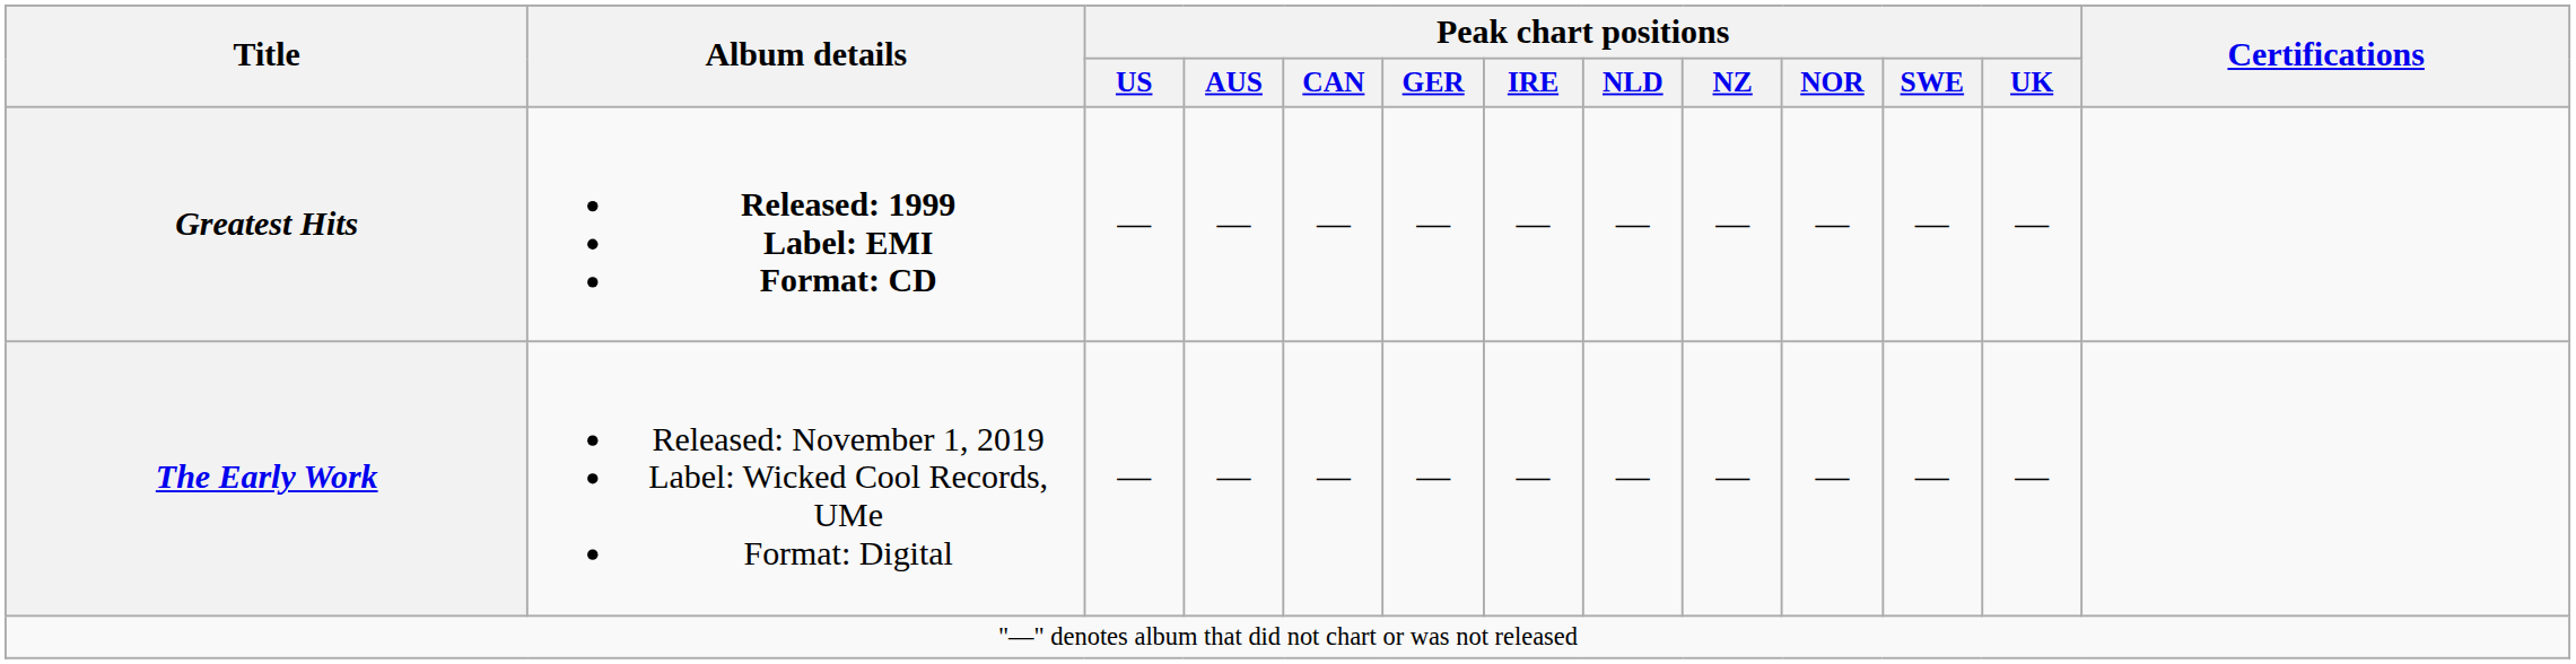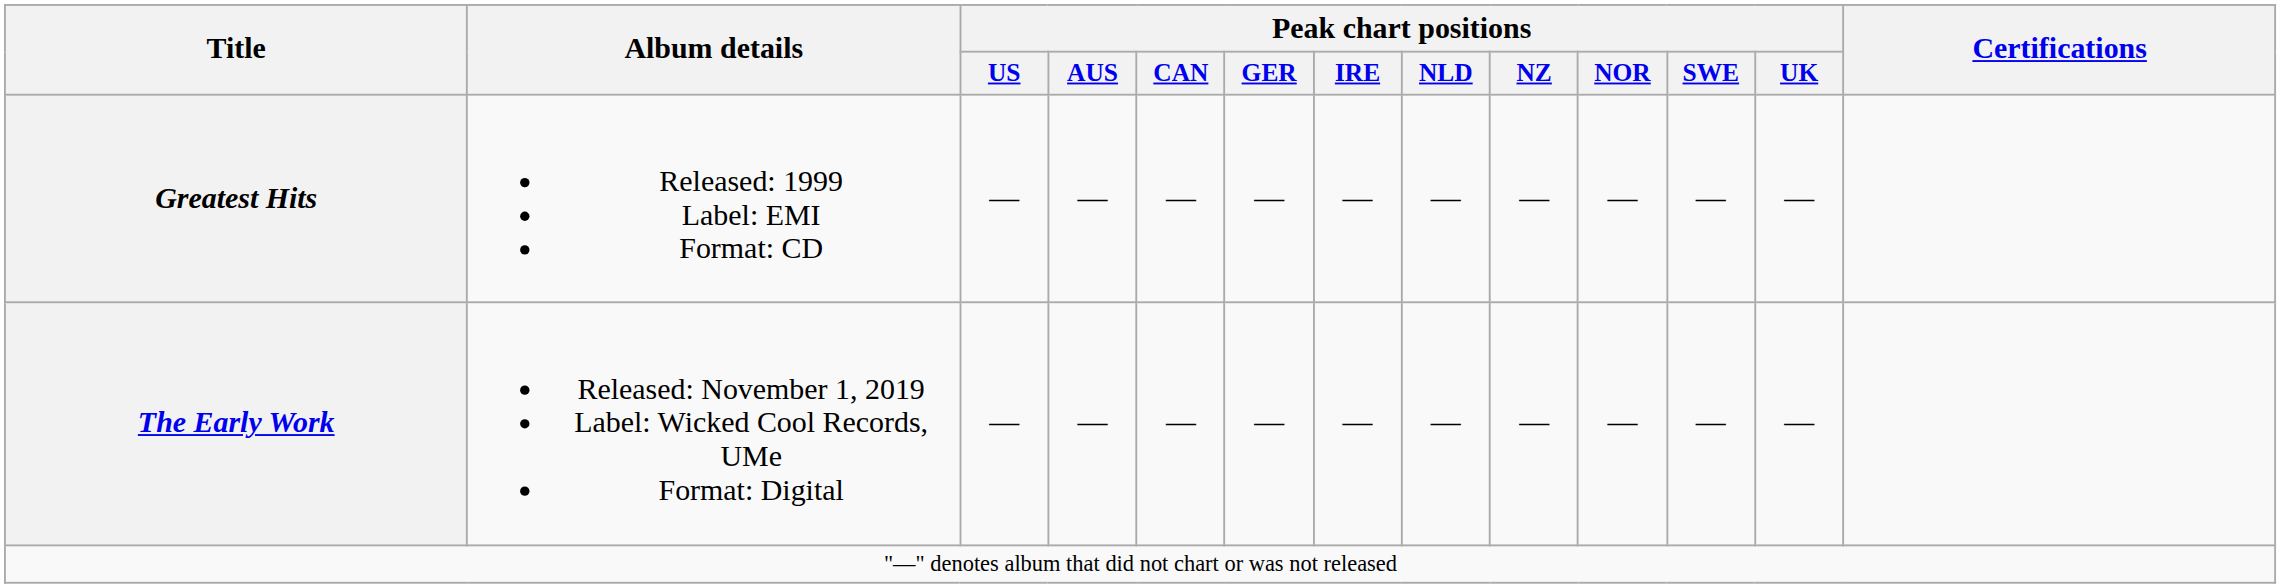 <table class="wikitable plainrowheaders" style="text-align:center;">
 <tr>
 <th scope="col" rowspan="2" style="width:15em;">Title</th>
 <th scope="col" rowspan="2" style="width:16em;">Album details</th>
 <th scope="col" colspan="10">Peak chart positions</th>
 <th scope="col" rowspan="2" style="width:14em;"><a href='#'>Certifications</a></th>
 </tr>
 <tr>
 <th scope="col" style="width:3em;font-size:85%;"><a href='#'>US</a><br></th>
 <th scope="col" style="width:3em;font-size:85%;"><a href='#'>AUS</a></th>
 <th scope="col" style="width:3em;font-size:85%;"><a href='#'>CAN</a></th>
 <th scope="col" style="width:3em;font-size:85%;"><a href='#'>GER</a></th>
 <th scope="col" style="width:3em;font-size:85%;"><a href='#'>IRE</a></th>
 <th scope="col" style="width:3em;font-size:85%;"><a href='#'>NLD</a></th>
 <th scope="col" style="width:3em;font-size:85%;"><a href='#'>NZ</a></th>
 <th scope="col" style="width:3em;font-size:85%;"><a href='#'>NOR</a></th>
 <th scope="col" style="width:3em;font-size:85%;"><a href='#'>SWE</a></th>
 <th scope="col" style="width:3em;font-size:85%;"><a href='#'>UK</a><br></th>
 </tr>
 <tr>
 <th scope="row"><em>Greatest Hits</em></th>
-<td><strong><br><ul><li>Released: 1999</li><li>Label: EMI</li><li>Format: CD</li></ul></strong></td>
+<td><br><ul><li>Released: 1999</li><li>Label: EMI</li><li>Format: CD</li></ul></td>
 <td>—</td>
 <td>—</td>
 <td>—</td>
 <td>—</td>
 <td>—</td>
 <td>—</td>
 <td>—</td>
 <td>—</td>
 <td>—</td>
 <td>—</td>
 <td></td>
 </tr>
 <tr>
 <th scope="row"><em><a href='#'>The Early Work</a></em></th>
 <td><br><ul><li>Released: November 1, 2019</li><li>Label: Wicked Cool Records, UMe</li><li>Format: Digital</li></ul></td>
 <td>—</td>
 <td>—</td>
 <td>—</td>
 <td>—</td>
 <td>—</td>
 <td>—</td>
 <td>—</td>
 <td>—</td>
 <td>—</td>
 <td>—</td>
 <td></td>
 </tr>
 <tr>
 <td colspan="14" style="font-size:9pt">"—" denotes album that did not chart or was not released</td>
 </tr>
 </table>
